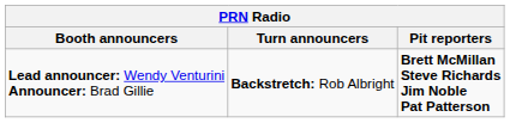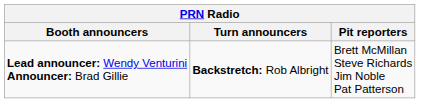 <table class="wikitable" style="font-size: 95%;">
 <tr>
 <th colspan="3"><a href='#'>PRN</a> Radio</th>
 </tr>
 <tr>
 <th>Booth announcers</th>
 <th>Turn announcers</th>
 <th>Pit reporters</th>
 </tr>
 <tr>
 <td><strong>Lead announcer:</strong> <a href='#'>Wendy Venturini</a><br><strong>Announcer:</strong> Brad Gillie</td>
 <td><strong>Backstretch:</strong> Rob Albright</td>
-<td><strong>Brett McMillan<br>Steve Richards<br>Jim Noble<br>Pat Patterson</strong></td>
+<td>Brett McMillan<br>Steve Richards<br>Jim Noble<br>Pat Patterson</td>
 </tr>
 </table>
